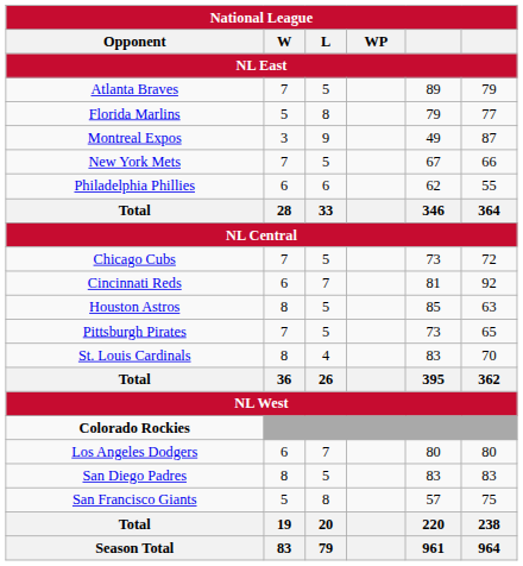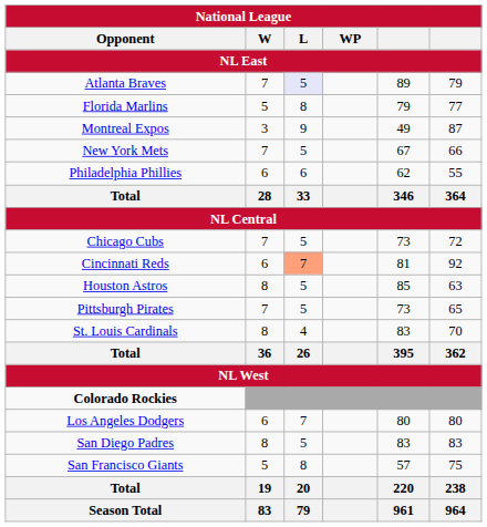 <table class="wikitable" style="font-size:95%; text-align:center; width:35em;margin: 0.5em auto;">
 <tr>
 <th colspan="7" style="background:#c60c30; color:#ffffff;">National League</th>
 </tr>
 <tr>
 <th>Opponent</th>
 <th>W</th>
 <th>L</th>
 <th>WP</th>
 <th></th>
 <th></th>
 </tr>
 <tr>
 <th colspan="7" style="background:#c60c30; color:#ffffff;">NL East</th>
 </tr>
 <tr>
 <td><a href='#'>Atlanta Braves</a></td>
 <td>7</td>
-<td>5</td>
+<td style="background: lavender;">5</td>
 <td></td>
 <td>89</td>
 <td>79</td>
 </tr>
 <tr>
 <td><a href='#'>Florida Marlins</a></td>
 <td>5</td>
 <td>8</td>
 <td></td>
 <td>79</td>
 <td>77</td>
 </tr>
 <tr>
 <td><a href='#'>Montreal Expos</a></td>
 <td>3</td>
 <td>9</td>
 <td></td>
 <td>49</td>
 <td>87</td>
 </tr>
 <tr>
 <td><a href='#'>New York Mets</a></td>
 <td>7</td>
 <td>5</td>
 <td></td>
 <td>67</td>
 <td>66</td>
 </tr>
 <tr>
 <td><a href='#'>Philadelphia Phillies</a></td>
 <td>6</td>
 <td>6</td>
 <td></td>
 <td>62</td>
 <td>55</td>
 </tr>
 <tr>
 <th>Total</th>
 <th>28</th>
 <th>33</th>
 <th></th>
 <th>346</th>
 <th>364</th>
 </tr>
 <tr>
 <th colspan="7" style="background:#c60c30; color:#ffffff;">NL Central</th>
 </tr>
 <tr>
 <td><a href='#'>Chicago Cubs</a></td>
 <td>7</td>
 <td>5</td>
 <td></td>
 <td>73</td>
 <td>72</td>
 </tr>
 <tr>
 <td><a href='#'>Cincinnati Reds</a></td>
 <td>6</td>
-<td>7</td>
+<td style="background: lightsalmon;">7</td>
 <td></td>
 <td>81</td>
 <td>92</td>
 </tr>
 <tr>
 <td><a href='#'>Houston Astros</a></td>
 <td>8</td>
 <td>5</td>
 <td></td>
 <td>85</td>
 <td>63</td>
 </tr>
 <tr>
 <td><a href='#'>Pittsburgh Pirates</a></td>
 <td>7</td>
 <td>5</td>
 <td></td>
 <td>73</td>
 <td>65</td>
 </tr>
 <tr>
 <td><a href='#'>St. Louis Cardinals</a></td>
 <td>8</td>
 <td>4</td>
 <td></td>
 <td>83</td>
 <td>70</td>
 </tr>
 <tr>
 <th>Total</th>
 <th>36</th>
 <th>26</th>
 <th></th>
 <th>395</th>
 <th>362</th>
 </tr>
 <tr>
 <th colspan="7" style="background:#c60c30; color:#ffffff;">NL West</th>
 </tr>
 <tr>
 <td><strong>Colorado Rockies</strong></td>
 <td colspan=5 style="background:darkgray;"></td>
 </tr>
 <tr>
 <td><a href='#'>Los Angeles Dodgers</a></td>
 <td>6</td>
 <td>7</td>
 <td></td>
 <td>80</td>
 <td>80</td>
 </tr>
 <tr>
 <td><a href='#'>San Diego Padres</a></td>
 <td>8</td>
 <td>5</td>
 <td></td>
 <td>83</td>
 <td>83</td>
 </tr>
 <tr>
 <td><a href='#'>San Francisco Giants</a></td>
 <td>5</td>
 <td>8</td>
 <td></td>
 <td>57</td>
 <td>75</td>
 </tr>
 <tr>
 <th>Total</th>
 <th>19</th>
 <th>20</th>
 <th></th>
 <th>220</th>
 <th>238</th>
 </tr>
 <tr>
 <th>Season Total</th>
 <th>83</th>
 <th>79</th>
 <th></th>
 <th>961</th>
 <th>964</th>
 </tr>
 </table>
